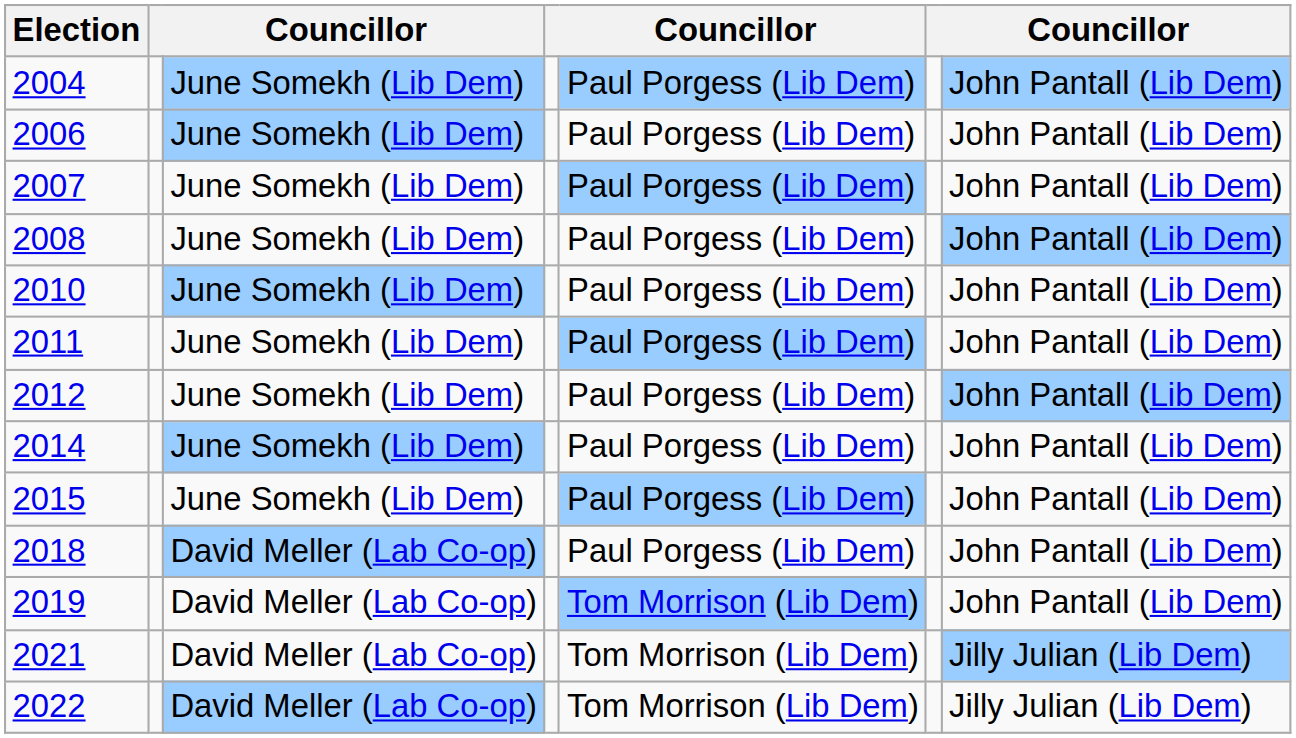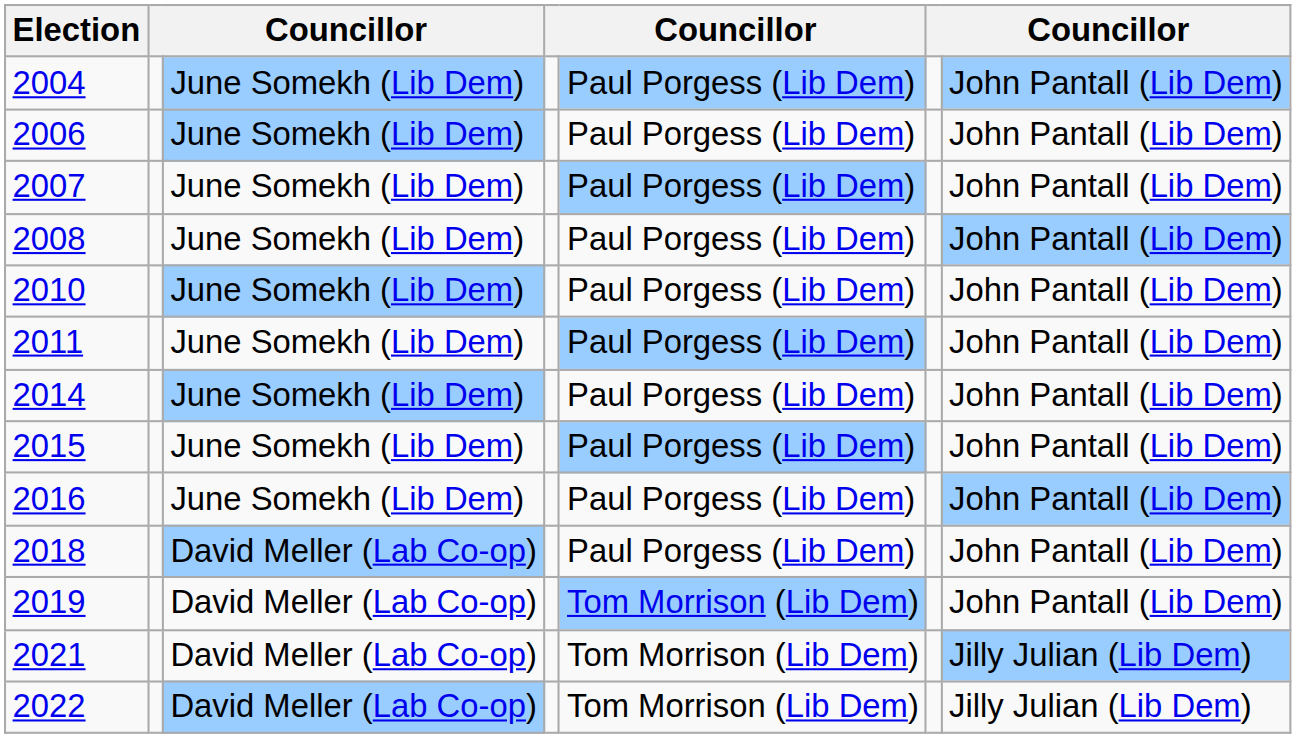 <table class="wikitable">
 <tr>
 <th>Election</th>
 <th colspan="2">Councillor</th>
 <th colspan="2">Councillor</th>
 <th colspan="2">Councillor</th>
 </tr>
 <tr>
 <td><a href='#'>2004</a></td>
 <td style="background-color: "></td>
 <td bgcolor="#99CCFF">June Somekh (<a href='#'>Lib Dem</a>)</td>
 <td style="background-color: "></td>
 <td bgcolor="#99CCFF">Paul Porgess (<a href='#'>Lib Dem</a>)</td>
 <td style="background-color: "></td>
 <td bgcolor="#99CCFF">John Pantall (<a href='#'>Lib Dem</a>)</td>
 </tr>
 <tr>
 <td><a href='#'>2006</a></td>
 <td style="background-color: "></td>
 <td bgcolor="#99CCFF">June Somekh (<a href='#'>Lib Dem</a>)</td>
 <td style="background-color: "></td>
 <td>Paul Porgess (<a href='#'>Lib Dem</a>)</td>
 <td style="background-color: "></td>
 <td>John Pantall (<a href='#'>Lib Dem</a>)</td>
 </tr>
 <tr>
 <td><a href='#'>2007</a></td>
 <td style="background-color: "></td>
 <td>June Somekh (<a href='#'>Lib Dem</a>)</td>
 <td style="background-color: "></td>
 <td bgcolor="#99CCFF">Paul Porgess (<a href='#'>Lib Dem</a>)</td>
 <td style="background-color: "></td>
 <td>John Pantall (<a href='#'>Lib Dem</a>)</td>
 </tr>
 <tr>
 <td><a href='#'>2008</a></td>
 <td style="background-color: "></td>
 <td>June Somekh (<a href='#'>Lib Dem</a>)</td>
 <td style="background-color: "></td>
 <td>Paul Porgess (<a href='#'>Lib Dem</a>)</td>
 <td style="background-color: "></td>
 <td bgcolor="#99CCFF">John Pantall (<a href='#'>Lib Dem</a>)</td>
 </tr>
 <tr>
 <td><a href='#'>2010</a></td>
 <td style="background-color: "></td>
 <td bgcolor="#99CCFF">June Somekh (<a href='#'>Lib Dem</a>)</td>
 <td style="background-color: "></td>
 <td>Paul Porgess (<a href='#'>Lib Dem</a>)</td>
 <td style="background-color: "></td>
 <td>John Pantall (<a href='#'>Lib Dem</a>)</td>
 </tr>
 <tr>
 <td><a href='#'>2011</a></td>
 <td style="background-color: "></td>
 <td>June Somekh (<a href='#'>Lib Dem</a>)</td>
 <td style="background-color: "></td>
 <td bgcolor="#99CCFF">Paul Porgess (<a href='#'>Lib Dem</a>)</td>
 <td style="background-color: "></td>
 <td>John Pantall (<a href='#'>Lib Dem</a>)</td>
 </tr>
 <tr>
-<td><a href='#'>2012</a></td>
-<td style="background-color: "></td>
-<td>June Somekh (<a href='#'>Lib Dem</a>)</td>
-<td style="background-color: "></td>
-<td>Paul Porgess (<a href='#'>Lib Dem</a>)</td>
-<td style="background-color: "></td>
-<td bgcolor="#99CCFF">John Pantall (<a href='#'>Lib Dem</a>)</td>
-</tr>
-<tr>
 <td><a href='#'>2014</a></td>
 <td style="background-color: "></td>
 <td bgcolor="#99CCFF">June Somekh (<a href='#'>Lib Dem</a>)</td>
 <td style="background-color: "></td>
 <td>Paul Porgess (<a href='#'>Lib Dem</a>)</td>
 <td style="background-color: "></td>
 <td>John Pantall (<a href='#'>Lib Dem</a>)</td>
 </tr>
 <tr>
 <td><a href='#'>2015</a></td>
 <td style="background-color: "></td>
 <td>June Somekh (<a href='#'>Lib Dem</a>)</td>
 <td style="background-color: "></td>
 <td bgcolor="#99CCFF">Paul Porgess (<a href='#'>Lib Dem</a>)</td>
 <td style="background-color: "></td>
 <td>John Pantall (<a href='#'>Lib Dem</a>)</td>
+</tr>
+<tr>
+<td><a href='#'>2016</a></td>
+<td style="background-color: "></td>
+<td>June Somekh (<a href='#'>Lib Dem</a>)</td>
+<td style="background-color: "></td>
+<td>Paul Porgess (<a href='#'>Lib Dem</a>)</td>
+<td style="background-color: "></td>
+<td bgcolor="#99CCFF">John Pantall (<a href='#'>Lib Dem</a>)</td>
 </tr>
 <tr>
 <td><a href='#'>2018</a></td>
 <td style="background-color: "></td>
 <td bgcolor="#99CCFF">David Meller (<a href='#'>Lab Co-op</a>)</td>
 <td style="background-color: "></td>
 <td>Paul Porgess (<a href='#'>Lib Dem</a>)</td>
 <td style="background-color: "></td>
 <td>John Pantall (<a href='#'>Lib Dem</a>)</td>
 </tr>
 <tr>
 <td><a href='#'>2019</a></td>
 <td style="background-color: "></td>
 <td>David Meller (<a href='#'>Lab Co-op</a>)</td>
 <td style="background-color: "></td>
 <td bgcolor="#99CCFF"><a href='#'>Tom Morrison</a> (<a href='#'>Lib Dem</a>)</td>
 <td style="background-color: "></td>
 <td>John Pantall (<a href='#'>Lib Dem</a>)</td>
 </tr>
 <tr>
 <td><a href='#'>2021</a></td>
 <td style="background-color: "></td>
 <td>David Meller (<a href='#'>Lab Co-op</a>)</td>
 <td style="background-color: "></td>
 <td>Tom Morrison (<a href='#'>Lib Dem</a>)</td>
 <td style="background-color: "></td>
 <td bgcolor="#99CCFF">Jilly Julian (<a href='#'>Lib Dem</a>)</td>
 </tr>
 <tr>
 <td><a href='#'>2022</a></td>
 <td style="background-color: "></td>
 <td bgcolor="#99CCFF">David Meller (<a href='#'>Lab Co-op</a>)</td>
 <td style="background-color: "></td>
 <td>Tom Morrison (<a href='#'>Lib Dem</a>)</td>
 <td style="background-color: "></td>
 <td>Jilly Julian (<a href='#'>Lib Dem</a>)</td>
 </tr>
 </table>
